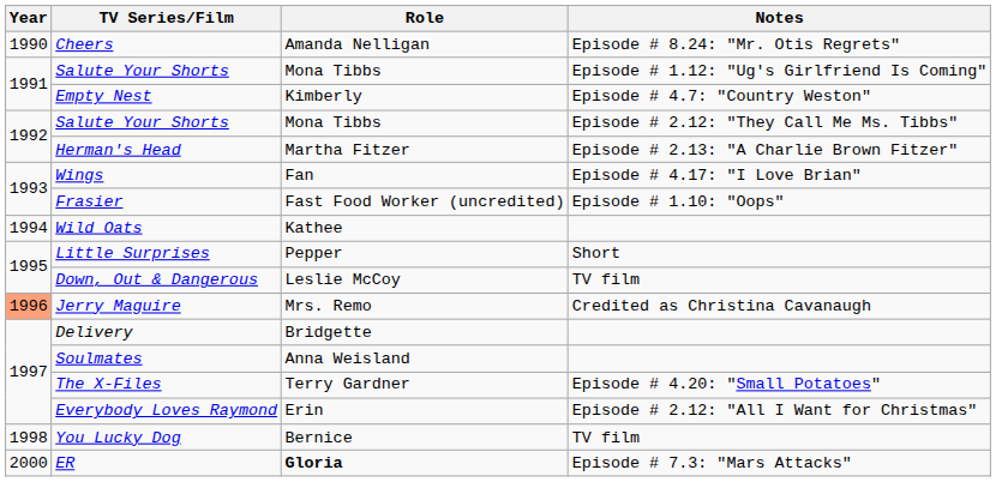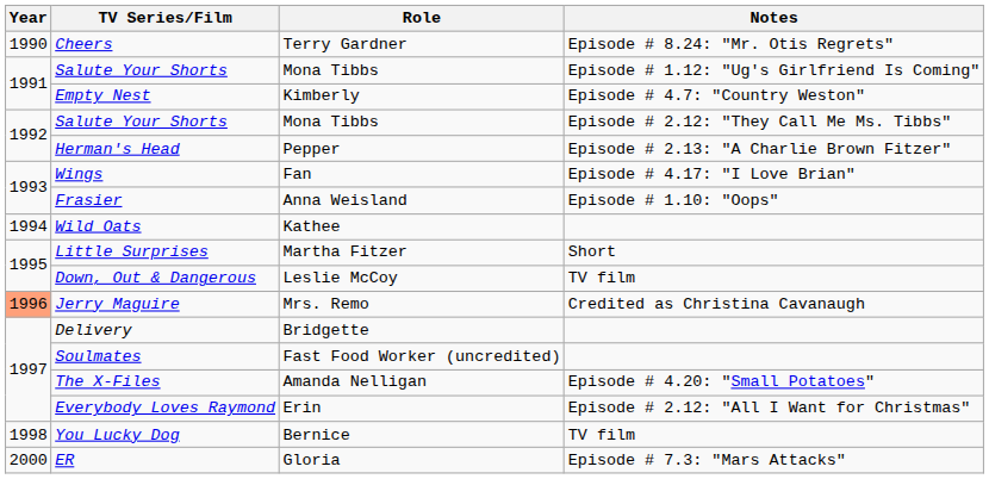 <table class="wikitable sortable">
 <tr>
 <th>Year</th>
 <th>TV Series/Film</th>
 <th>Role</th>
 <th class="unsortable">Notes</th>
 </tr>
 <tr>
 <td>1990</td>
 <td><em><a href='#'>Cheers</a></em></td>
-<td>Amanda Nelligan</td>
+<td>Terry Gardner</td>
 <td>Episode # 8.24: "Mr. Otis Regrets"</td>
 </tr>
 <tr>
 <td rowspan="2">1991</td>
 <td><em><a href='#'>Salute Your Shorts</a></em></td>
 <td>Mona Tibbs</td>
 <td>Episode # 1.12: "Ug's Girlfriend Is Coming"</td>
 </tr>
 <tr>
 <td><em><a href='#'>Empty Nest</a></em></td>
 <td>Kimberly</td>
 <td>Episode # 4.7: "Country Weston"</td>
 </tr>
 <tr>
 <td rowspan="2">1992</td>
 <td><em><a href='#'>Salute Your Shorts</a></em></td>
 <td>Mona Tibbs</td>
 <td>Episode # 2.12: "They Call Me Ms. Tibbs"</td>
 </tr>
 <tr>
 <td><em><a href='#'>Herman's Head</a></em></td>
-<td>Martha Fitzer</td>
+<td>Pepper</td>
 <td>Episode # 2.13: "A Charlie Brown Fitzer"</td>
 </tr>
 <tr>
 <td rowspan="2">1993</td>
 <td><em><a href='#'>Wings</a></em></td>
 <td>Fan</td>
 <td>Episode # 4.17: "I Love Brian"</td>
 </tr>
 <tr>
 <td><em><a href='#'>Frasier</a></em></td>
-<td>Fast Food Worker (uncredited)</td>
+<td>Anna Weisland</td>
 <td>Episode # 1.10: "Oops"</td>
 </tr>
 <tr>
 <td>1994</td>
 <td><em><a href='#'>Wild Oats</a></em></td>
 <td>Kathee</td>
 <td></td>
 </tr>
 <tr>
 <td rowspan="2">1995</td>
 <td><em><a href='#'>Little Surprises</a></em></td>
-<td>Pepper</td>
+<td>Martha Fitzer</td>
 <td>Short</td>
 </tr>
 <tr>
 <td><em><a href='#'>Down, Out & Dangerous</a></em></td>
 <td>Leslie McCoy</td>
 <td>TV film</td>
 </tr>
 <tr>
 <td style="background: lightsalmon;">1996</td>
 <td><em><a href='#'>Jerry Maguire</a></em></td>
 <td>Mrs. Remo</td>
 <td>Credited as Christina Cavanaugh</td>
 </tr>
 <tr>
 <td rowspan="4">1997</td>
 <td><em>Delivery</em></td>
 <td>Bridgette</td>
 <td></td>
 </tr>
 <tr>
 <td><em><a href='#'>Soulmates</a></em></td>
-<td>Anna Weisland</td>
+<td>Fast Food Worker (uncredited)</td>
 <td></td>
 </tr>
 <tr>
 <td><em><a href='#'>The X-Files</a></em></td>
-<td>Terry Gardner</td>
+<td>Amanda Nelligan</td>
 <td>Episode # 4.20: "<a href='#'>Small Potatoes</a>"</td>
 </tr>
 <tr>
 <td><em><a href='#'>Everybody Loves Raymond</a></em></td>
 <td>Erin</td>
 <td>Episode # 2.12: "All I Want for Christmas"</td>
 </tr>
 <tr>
 <td>1998</td>
 <td><em><a href='#'>You Lucky Dog</a></em></td>
 <td>Bernice</td>
 <td>TV film</td>
 </tr>
 <tr>
 <td>2000</td>
 <td><em><a href='#'>ER</a></em></td>
-<td><strong>Gloria</strong></td>
+<td>Gloria</td>
 <td>Episode # 7.3: "Mars Attacks"</td>
 </tr>
 </table>
